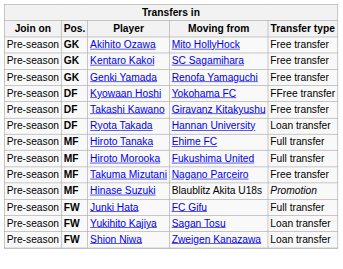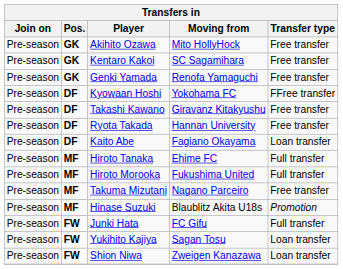 <table class="wikitable sortable" style=“text-align:left;>
 <tr>
 <th colspan="5">Transfers in</th>
 </tr>
 <tr>
 <th>Join on</th>
 <th>Pos.</th>
 <th>Player</th>
 <th>Moving from</th>
 <th>Transfer type</th>
 </tr>
 <tr>
 <td>Pre-season</td>
 <td><strong>GK</strong></td>
 <td> <a href='#'>Akihito Ozawa</a></td>
 <td> <a href='#'>Mito HollyHock</a></td>
 <td>Free transfer</td>
 </tr>
 <tr>
 <td>Pre-season</td>
 <td><strong>GK</strong></td>
 <td> <a href='#'>Kentaro Kakoi</a></td>
 <td> <a href='#'>SC Sagamihara</a></td>
 <td>Free transfer</td>
 </tr>
 <tr>
 <td>Pre-season</td>
 <td><strong>GK</strong></td>
 <td> <a href='#'>Genki Yamada</a></td>
 <td> <a href='#'>Renofa Yamaguchi</a></td>
 <td>Free transfer</td>
 </tr>
 <tr>
 <td>Pre-season</td>
 <td><strong>DF</strong></td>
 <td> <a href='#'>Kyowaan Hoshi</a></td>
 <td> <a href='#'>Yokohama FC</a></td>
 <td>FFree transfer</td>
 </tr>
 <tr>
 <td>Pre-season</td>
 <td><strong>DF</strong></td>
 <td> <a href='#'>Takashi Kawano</a></td>
 <td> <a href='#'>Giravanz Kitakyushu</a></td>
 <td>Free transfer</td>
 </tr>
 <tr>
 <td>Pre-season</td>
 <td><strong>DF</strong></td>
 <td> <a href='#'>Ryota Takada</a></td>
 <td> <a href='#'>Hannan University</a></td>
+<td>Free transfer</td>
+</tr>
+<tr>
+<td>Pre-season</td>
+<td><strong>DF</strong></td>
+<td> <a href='#'>Kaito Abe</a></td>
+<td> <a href='#'>Fagiano Okayama</a></td>
 <td>Loan transfer</td>
 </tr>
 <tr>
 <td>Pre-season</td>
 <td><strong>MF</strong></td>
 <td> <a href='#'>Hiroto Tanaka</a></td>
 <td> <a href='#'>Ehime FC</a></td>
 <td>Full transfer</td>
 </tr>
 <tr>
 <td>Pre-season</td>
 <td><strong>MF</strong></td>
 <td> <a href='#'>Hiroto Morooka</a></td>
 <td> <a href='#'>Fukushima United</a></td>
 <td>Full transfer</td>
 </tr>
 <tr>
 <td>Pre-season</td>
 <td><strong>MF</strong></td>
 <td> <a href='#'>Takuma Mizutani</a></td>
 <td> <a href='#'>Nagano Parceiro</a></td>
 <td>Free transfer</td>
 </tr>
 <tr>
 <td>Pre-season</td>
 <td><strong>MF</strong></td>
 <td> <a href='#'>Hinase Suzuki</a></td>
 <td>Blaublitz Akita U18s</td>
 <td><em>Promotion</em></td>
 </tr>
 <tr>
 <td>Pre-season</td>
 <td><strong>FW</strong></td>
 <td> <a href='#'>Junki Hata</a></td>
 <td> <a href='#'>FC Gifu</a></td>
 <td>Full transfer</td>
 </tr>
 <tr>
 <td>Pre-season</td>
 <td><strong>FW</strong></td>
 <td> <a href='#'>Yukihito Kajiya</a></td>
 <td> <a href='#'>Sagan Tosu</a></td>
 <td>Loan transfer</td>
 </tr>
 <tr>
 <td>Pre-season</td>
 <td><strong>FW</strong></td>
 <td> <a href='#'>Shion Niwa</a></td>
 <td> <a href='#'>Zweigen Kanazawa</a></td>
 <td>Loan transfer</td>
 </tr>
 <tr>
 </tr>
 </table>
